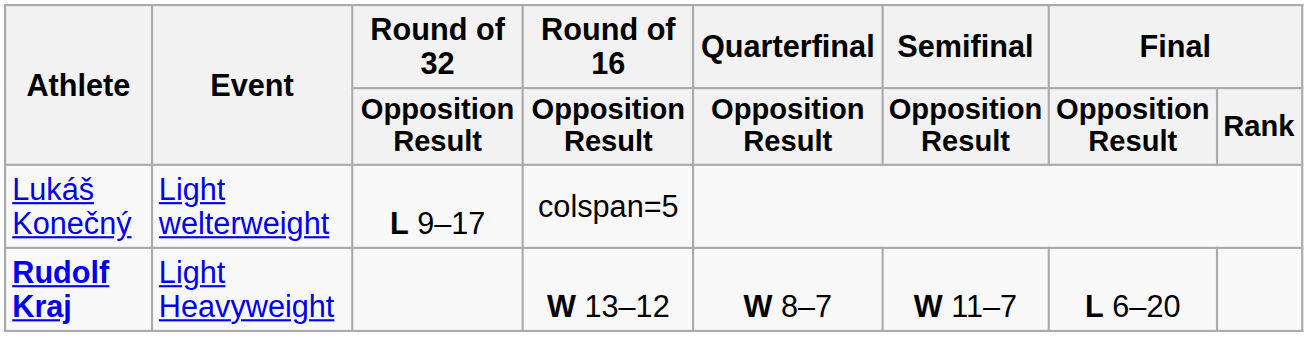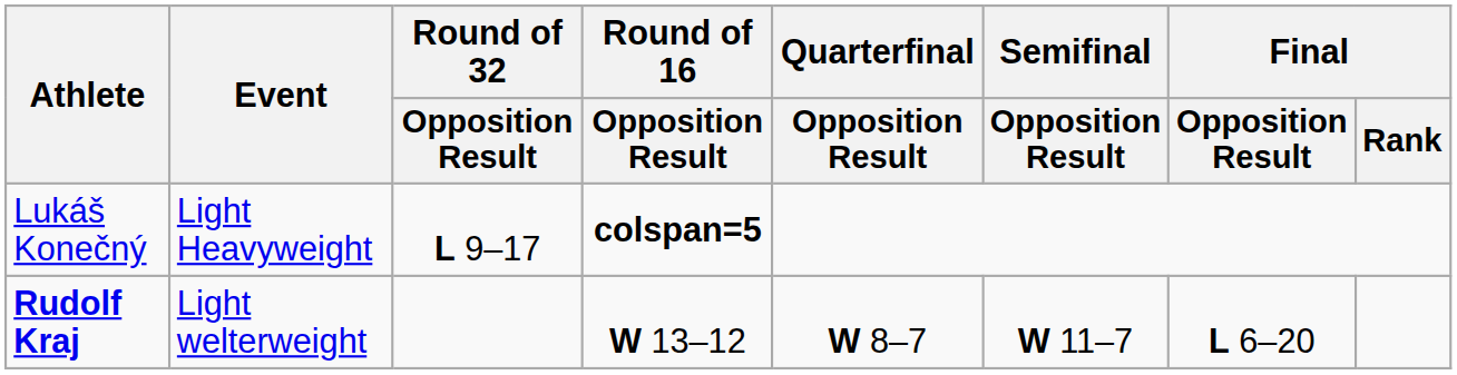 <table class=wikitable style=font-size:90%;text-align:center>
 <tr>
 <th rowspan=2>Athlete</th>
 <th rowspan=2>Event</th>
 <th>Round of 32</th>
 <th>Round of 16</th>
 <th>Quarterfinal</th>
 <th>Semifinal</th>
 <th colspan=2>Final</th>
 </tr>
 <tr style=font-size:95%>
 <th>Opposition<br>Result</th>
 <th>Opposition<br>Result</th>
 <th>Opposition<br>Result</th>
 <th>Opposition<br>Result</th>
 <th>Opposition<br>Result</th>
 <th>Rank</th>
 </tr>
 <tr>
 <td align=left><a href='#'>Lukáš Konečný</a></td>
-<td align=left><a href='#'>Light welterweight</a></td>
+<td align=left><a href='#'>Light Heavyweight</a></td>
 <td><br><strong>L</strong> 9–17</td>
-<td>colspan=5 </td>
+<td><strong>colspan=5 </strong></td>
 </tr>
 <tr>
 <td align=left><strong><a href='#'>Rudolf Kraj</a></strong></td>
-<td align=left><a href='#'>Light Heavyweight</a></td>
+<td align=left><a href='#'>Light welterweight</a></td>
 <td></td>
 <td><br><strong>W</strong> 13–12</td>
 <td><br><strong>W</strong> 8–7</td>
 <td><br><strong>W</strong> 11–7</td>
 <td><br><strong>L</strong> 6–20</td>
 <td></td>
 </tr>
 </table>
